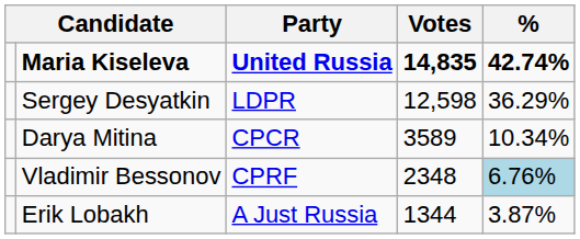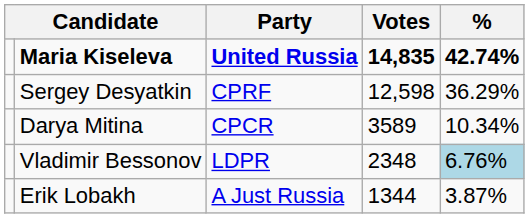 <table class="wikitable">
 <tr>
 <th colspan="2">Candidate</th>
 <th>Party</th>
 <th>Votes</th>
 <th>%</th>
 </tr>
 <tr>
 <td style="background-color: "></td>
 <td><strong>Maria Kiseleva</strong></td>
 <td><strong><a href='#'>United Russia</a></strong></td>
 <td><strong>14,835</strong></td>
 <td><strong>42.74%</strong></td>
 </tr>
 <tr>
 <td style="background-color: "></td>
 <td>Sergey Desyatkin</td>
-<td><a href='#'>LDPR</a></td>
+<td><a href='#'>CPRF</a></td>
 <td>12,598</td>
 <td>36.29%</td>
 </tr>
 <tr>
 <td style="background-color: "></td>
 <td>Darya Mitina</td>
 <td><a href='#'>CPCR</a></td>
 <td>3589</td>
 <td>10.34%</td>
 </tr>
 <tr>
 <td style="background-color: "></td>
 <td>Vladimir Bessonov</td>
-<td><a href='#'>CPRF</a></td>
+<td><a href='#'>LDPR</a></td>
 <td>2348</td>
 <td style="background: lightblue;">6.76%</td>
 </tr>
 <tr>
 <td style="background-color: "></td>
 <td>Erik Lobakh</td>
 <td><a href='#'>A Just Russia</a></td>
 <td>1344</td>
 <td>3.87%</td>
 </tr>
 </table>
